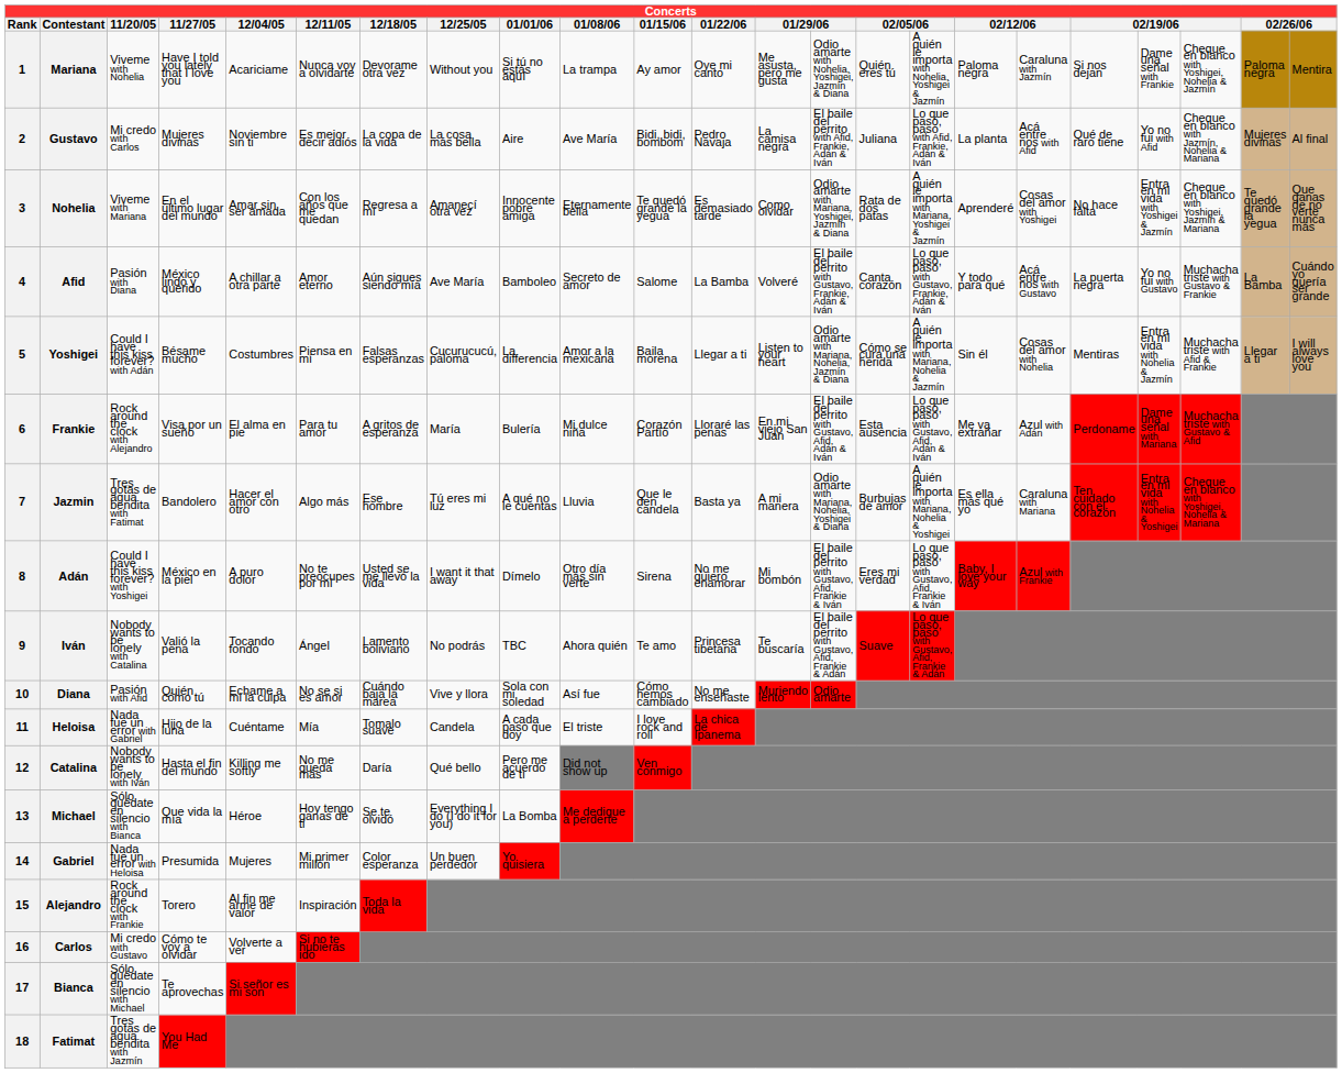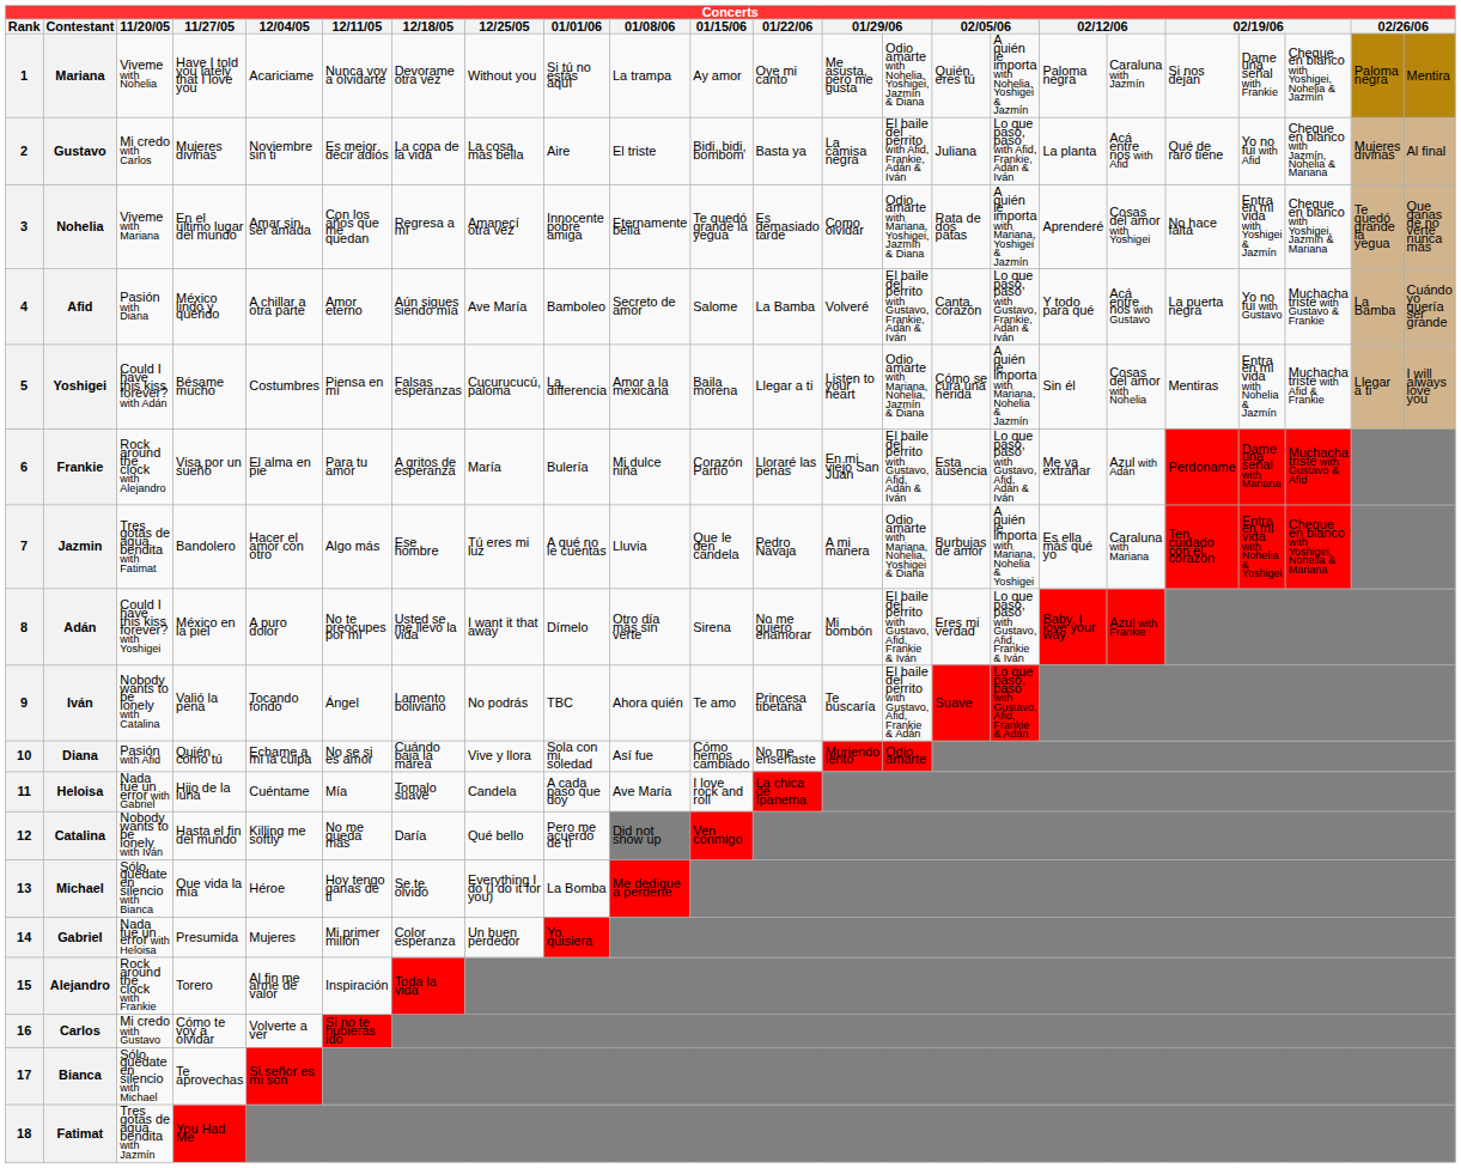 <table class="wikitable collapsible collapsed" style="text-align:left; line-height:10px; line-width:12px;">
 <tr>
 <th colspan="23" style="background:#f33; color:White;">Concerts</th>
 </tr>
 <tr>
 <th>Rank</th>
 <th>Contestant</th>
 <th>11/20/05</th>
 <th>11/27/05</th>
 <th>12/04/05</th>
 <th>12/11/05</th>
 <th>12/18/05</th>
 <th>12/25/05</th>
 <th>01/01/06</th>
 <th>01/08/06</th>
 <th>01/15/06</th>
 <th>01/22/06</th>
 <th colspan="2">01/29/06</th>
 <th colspan="2">02/05/06</th>
 <th colspan="2">02/12/06</th>
 <th colspan="3">02/19/06</th>
 <th colspan="2">02/26/06</th>
 </tr>
 <tr>
 <th>1</th>
 <th>Mariana</th>
 <td>Viveme<small> with Nohelia</small></td>
 <td>Have I told you lately that I love you</td>
 <td>Acariciame</td>
 <td>Nunca voy a olvidarte</td>
 <td>Devorame otra vez</td>
 <td>Without you</td>
 <td>Si tú no estás aquí</td>
 <td>La trampa</td>
 <td>Ay amor</td>
 <td>Oye mi canto</td>
 <td>Me asusta, pero me gusta</td>
 <td>Odio amarte<small> with Nohelia, Yoshigei, Jazmín & Diana</small></td>
 <td>Quién eres tú</td>
 <td>A quién le importa<small> with Nohelia, Yoshigei & Jazmín</small></td>
 <td>Paloma negra</td>
 <td>Caraluna<small> with Jazmín</small></td>
 <td>Si nos dejan</td>
 <td>Dame una señal<small> with Frankie</small></td>
 <td>Cheque en blanco<small> with Yoshigei, Nohelia & Jazmín</small></td>
 <td style="background:DarkGoldenrod;">Paloma negra</td>
 <td style="background:DarkGoldenrod;">Mentira</td>
 </tr>
 <tr>
 <th>2</th>
 <th>Gustavo</th>
 <td>Mi credo<small> with Carlos</small></td>
 <td>Mujeres divinas</td>
 <td>Noviembre sin ti</td>
 <td>Es mejor decir adiós</td>
 <td>La copa de la vida</td>
 <td>La cosa más bella</td>
 <td>Aire</td>
-<td>Ave María</td>
+<td>El triste</td>
 <td>Bidi, bidi, bombom</td>
-<td>Pedro Navaja</td>
+<td>Basta ya</td>
 <td>La camisa negra</td>
 <td>El baile del perrito<small> with Afid, Frankie, Adán & Iván</small></td>
 <td>Juliana</td>
 <td>Lo que pasó, pasó<small> with Afid, Frankie, Adán & Iván</small></td>
 <td>La planta</td>
 <td>Acá entre nos<small> with Afid</small></td>
 <td>Qué de raro tiene</td>
 <td>Yo no fui<small> with Afid</small></td>
 <td>Cheque en blanco<small> with Jazmín, Nohelia & Mariana</small></td>
 <td style="background:Tan;">Mujeres divinas</td>
 <td style="background:Tan;">Al final</td>
 </tr>
 <tr>
 <th>3</th>
 <th>Nohelia</th>
 <td>Viveme<small> with Mariana</small></td>
 <td>En el último lugar del mundo</td>
 <td>Amar sin ser amada</td>
 <td>Con los años que me quedan</td>
 <td>Regresa a mí</td>
 <td>Amanecí otra vez</td>
 <td>Innocente pobre amiga</td>
 <td>Eternamente bella</td>
 <td>Te quedó grande la yegua</td>
 <td>Es demasiado tarde</td>
 <td>Como olvidar</td>
 <td>Odio amarte<small> with Mariana, Yoshigei, Jazmín & Diana</small></td>
 <td>Rata de dos patas</td>
 <td>A quién le importa<small> with Mariana, Yoshigei & Jazmín</small></td>
 <td>Aprenderé</td>
 <td>Cosas del amor<small> with Yoshigei</small></td>
 <td>No hace falta</td>
 <td>Entra en mi vida<small> with Yoshigei & Jazmín</small></td>
 <td>Cheque en blanco<small> with Yoshigei, Jazmín & Mariana</small></td>
 <td style="background:Tan;">Te quedó grande la yegua</td>
 <td style="background:Tan;">Que ganas de no verte nunca más</td>
 </tr>
 <tr>
 <th>4</th>
 <th>Afid</th>
 <td>Pasión<small> with Diana</small></td>
 <td>México lindo y querido</td>
 <td>A chillar a otra parte</td>
 <td>Amor eterno</td>
 <td>Aún sigues siendo mía</td>
 <td>Ave María</td>
 <td>Bamboleo</td>
 <td>Secreto de amor</td>
 <td>Salome</td>
 <td>La Bamba</td>
 <td>Volveré</td>
 <td>El baile del perrito<small> with Gustavo, Frankie, Adán & Iván</small></td>
 <td>Canta corazón</td>
 <td>Lo que pasó, pasó<small> with Gustavo, Frankie, Adán & Iván</small></td>
 <td>Y todo para qué</td>
 <td>Acá entre nos<small> with Gustavo</small></td>
 <td>La puerta negra</td>
 <td>Yo no fui<small> with Gustavo</small></td>
 <td>Muchacha triste<small> with Gustavo & Frankie</small></td>
 <td style="background:Tan;">La Bamba</td>
 <td style="background:Tan;">Cuándo yo quería ser grande</td>
 </tr>
 <tr>
 <th>5</th>
 <th>Yoshigei</th>
 <td>Could I have this kiss forever?<small> with Adán</small></td>
 <td>Bésame mucho</td>
 <td>Costumbres</td>
 <td>Piensa en mí</td>
 <td>Falsas esperanzas</td>
 <td>Cucurucucú, paloma</td>
 <td>La differencia</td>
 <td>Amor a la mexicana</td>
 <td>Baila morena</td>
 <td>Llegar a ti</td>
 <td>Listen to your heart</td>
 <td>Odio amarte<small> with Mariana, Nohelia, Jazmín & Diana</small></td>
 <td>Cómo se cura una herida</td>
 <td>A quién le importa<small> with Mariana, Nohelia & Jazmín</small></td>
 <td>Sin él</td>
 <td>Cosas del amor<small> with Nohelia</small></td>
 <td>Mentiras</td>
 <td>Entra en mi vida<small> with Nohelia & Jazmín</small></td>
 <td>Muchacha triste<small> with Afid & Frankie</small></td>
 <td style="background:Tan;">Llegar a ti</td>
 <td style="background:Tan;">I will always love you</td>
 </tr>
 <tr>
 <th>6</th>
 <th>Frankie</th>
 <td>Rock around the clock<small> with Alejandro</small></td>
 <td>Visa por un sueño</td>
 <td>El alma en pie</td>
 <td>Para tu amor</td>
 <td>A gritos de esperanza</td>
 <td>María</td>
 <td>Bulería</td>
 <td>Mi dulce niña</td>
 <td>Corazón Partío</td>
 <td>Lloraré las penas</td>
 <td>En mi viejo San Juan</td>
 <td>El baile del perrito<small> with Gustavo, Afid, Adán & Iván</small></td>
 <td>Esta ausencia</td>
 <td>Lo que pasó, pasó<small> with Gustavo, Afid, Adán & Iván</small></td>
 <td>Me va extrañar</td>
 <td>Azul<small> with Adán</small></td>
 <td style="background:red;">Perdoname</td>
 <td style="background:red;">Dame una señal<small> with Mariana</small></td>
 <td style="background:red;">Muchacha triste<small> with Gustavo & Afid</small></td>
 <td style="background:gray;" colspan="7"></td>
 </tr>
 <tr>
 <th>7</th>
 <th>Jazmin</th>
 <td>Tres gotas de agua bendita<small> with Fatimat</small></td>
 <td>Bandolero</td>
 <td>Hacer el amor con otro</td>
 <td>Algo más</td>
 <td>Ese hombre</td>
 <td>Tú eres mi luz</td>
 <td>A qué no le cuentas</td>
 <td>Lluvia</td>
 <td>Que le den candela</td>
-<td>Basta ya</td>
+<td>Pedro Navaja</td>
 <td>A mi manera</td>
 <td>Odio amarte<small> with Mariana, Nohelia, Yoshigei & Diana</small></td>
 <td>Burbujas de amor</td>
 <td>A quién le importa<small> with Mariana, Nohelia & Yoshigei</small></td>
 <td>Es ella más qué yo</td>
 <td>Caraluna<small> with Mariana</small></td>
 <td style="background:red;">Ten cuidado con el corazón</td>
 <td style="background:red;">Entra en mi vida<small> with Nohelia & Yoshigei</small></td>
 <td style="background:red;">Cheque en blanco<small> with Yoshigei, Nohelia & Mariana</small></td>
 <td style="background:gray;" colspan="8"></td>
 </tr>
 <tr>
 <th>8</th>
 <th>Adán</th>
 <td>Could I have this kiss forever?<small> with Yoshigei</small></td>
 <td>México en la piel</td>
 <td>A puro dolor</td>
 <td>No te preocupes por mí</td>
 <td>Usted se me llevó la vida</td>
 <td>I want it that away</td>
 <td>Dímelo</td>
 <td>Otro día más sin verte</td>
 <td>Sirena</td>
 <td>No me quiero enamorar</td>
 <td>Mi bombón</td>
 <td>El baile del perrito<small> with Gustavo, Afid, Frankie & Iván</small></td>
 <td>Eres mi verdad</td>
 <td>Lo que pasó, pasó<small> with Gustavo, Afid, Frankie & Iván</small></td>
 <td style="background:red;">Baby, I love your way</td>
 <td style="background:red;">Azul<small> with Frankie</small></td>
 <td style="background:gray;" colspan="9"></td>
 </tr>
 <tr>
 <th>9</th>
 <th>Iván</th>
 <td>Nobody wants to be lonely<small> with Catalina</small></td>
 <td>Valió la pena</td>
 <td>Tocando fondo</td>
 <td>Ángel</td>
 <td>Lamento boliviano</td>
 <td>No podrás</td>
 <td>TBC</td>
 <td>Ahora quién</td>
 <td>Te amo</td>
 <td>Princesa tibetana</td>
 <td>Te buscaría</td>
 <td>El baile del perrito<small> with Gustavo, Afid, Frankie & Adán</small></td>
 <td style="background:red;">Suave</td>
 <td style="background:red;">Lo que pasó, pasó<small> with Gustavo, Afid, Frankie & Adán</small></td>
 <td style="background:gray;" colspan="10"></td>
 </tr>
 <tr>
 <th>10</th>
 <th>Diana</th>
 <td>Pasión<small> with Afid</small></td>
 <td>Quién cómo tú</td>
 <td>Echame a mi la culpa</td>
 <td>No se si es amor</td>
 <td>Cuándo baja la marea</td>
 <td>Vive y llora</td>
 <td>Sola con mi soledad</td>
 <td>Así fue</td>
 <td>Cómo hemos cambiado</td>
 <td>No me enseñaste</td>
 <td style="background:red;">Muriendo lento</td>
 <td style="background:red;">Odio amarte</td>
 <td style="background:gray;" colspan="11"></td>
 </tr>
 <tr>
 <th>11</th>
 <th>Heloisa</th>
 <td>Nada fue un error<small> with Gabriel</small></td>
 <td>Hijo de la luna</td>
 <td>Cuéntame</td>
 <td>Mía</td>
 <td>Tomalo suave</td>
 <td>Candela</td>
 <td>A cada paso que doy</td>
-<td>El triste</td>
+<td>Ave María</td>
 <td>I love rock and roll</td>
 <td style="background:red;">La chica de Ipanema</td>
 <td style="background:gray;" colspan="12"></td>
 </tr>
 <tr>
 <th>12</th>
 <th>Catalina</th>
 <td>Nobody wants to be lonely<small> with Iván</small></td>
 <td>Hasta el fin del mundo</td>
 <td>Killing me softly</td>
 <td>No me queda más</td>
 <td>Daría</td>
 <td>Qué bello</td>
 <td>Pero me acuerdo de ti</td>
 <td style="background:gray;">Did not show up</td>
 <td style="background:red;">Ven conmigo</td>
 <td style="background:gray;" colspan="13"></td>
 </tr>
 <tr>
 <th>13</th>
 <th>Michael</th>
 <td>Sólo quédate en silencio<small> with Bianca</small></td>
 <td>Que vida la mía</td>
 <td>Héroe</td>
 <td>Hoy tengo ganas de ti</td>
 <td>Se te olvidó</td>
 <td>Everything I do (I do it for you)</td>
 <td>La Bomba</td>
 <td style="background:red;">Me dedique a perderte</td>
 <td style="background:gray;" colspan="14"></td>
 </tr>
 <tr>
 <th>14</th>
 <th>Gabriel</th>
 <td>Nada fue un error<small> with Heloisa</small></td>
 <td>Presumida</td>
 <td>Mujeres</td>
 <td>Mi primer millón</td>
 <td>Color esperanza</td>
 <td>Un buen perdedor</td>
 <td style="background:red;">Yo quisiera</td>
 <td style="background:gray;" colspan="15"></td>
 </tr>
 <tr>
 <th>15</th>
 <th>Alejandro</th>
 <td>Rock around the clock<small> with Frankie</small></td>
 <td>Torero</td>
 <td>Al fin me arme de valor</td>
 <td>Inspiración</td>
 <td style="background:red;">Toda la vida</td>
 <td style="background:gray;" colspan="16"></td>
 </tr>
 <tr>
 <th>16</th>
 <th>Carlos</th>
 <td>Mi credo<small> with Gustavo</small></td>
 <td>Cómo te voy a olvidar</td>
 <td>Volverte a ver</td>
 <td style="background:red;">Si no te hubieras ido</td>
 <td style="background:gray;" colspan="17"></td>
 </tr>
 <tr>
 <th>17</th>
 <th>Bianca</th>
 <td>Sólo quédate en silencio<small> with Michael</small></td>
 <td>Te aprovechas</td>
 <td style="background:red;">Si señor es mi son</td>
 <td style="background:gray;" colspan="18"></td>
 </tr>
 <tr>
 <th>18</th>
 <th>Fatimat</th>
 <td>Tres gotas de agua bendita<small> with Jazmín</small></td>
 <td style="background:red;">You Had Me</td>
 <td style="background:gray;" colspan="19"></td>
 </tr>
 </table>
